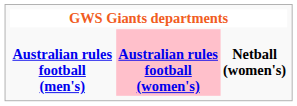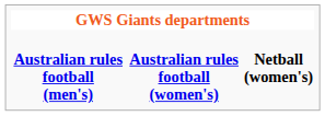 <table class="infobox" style="width: 20em; font-size: 95%em;">
 <tr style="color:#F15C22; background:#FFFFFF; text-align:center;">
 <th colspan="3" style="text-align: center">GWS Giants departments</th>
 </tr>
 <tr style="text-align: center">
 <td><br><strong><a href='#'>Australian rules football<br>(men's)</a></strong></td>
-<td style="background: pink;"><br><strong><a href='#'>Australian rules football<br>(women's)</a></strong></td>
+<td><br><strong><a href='#'>Australian rules football<br>(women's)</a></strong></td>
 <td><br><strong>Netball<br>(women's)</strong></td>
 </tr>
 </table>
